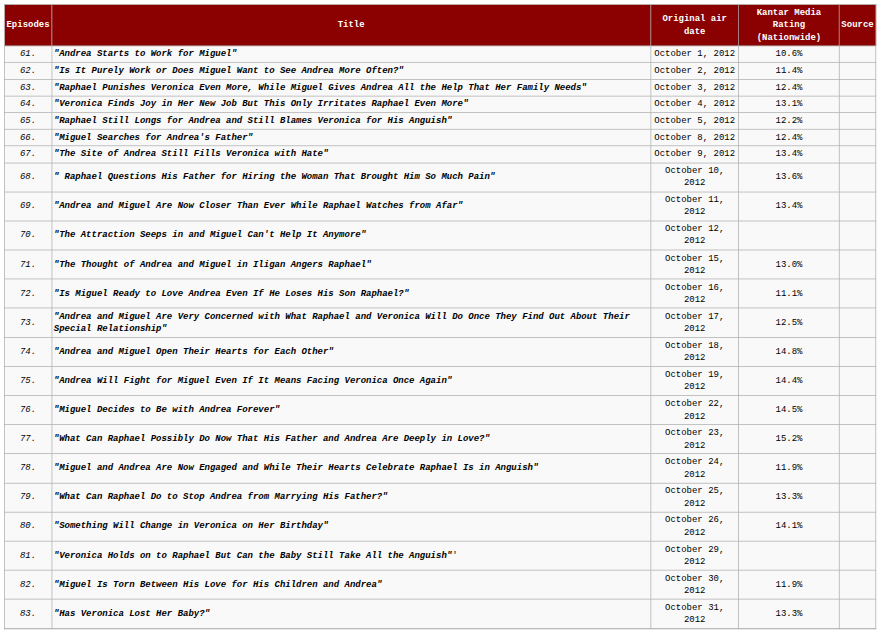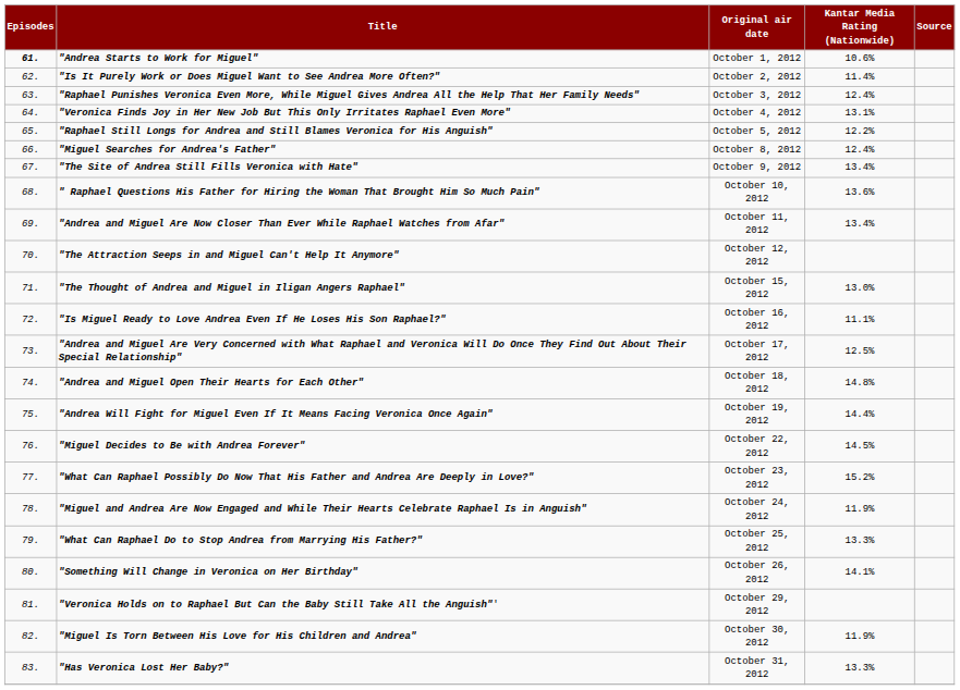 <table class="wikitable" style="text-align:center; font-size:100%; line-height:18px;" width="100%">
 <tr style="color:black;">
 <th style="background:#8b0000; color:#ffffff">Episodes</th>
 <th style="background:#8b0000; color:#ffffff">Title</th>
 <th style="background:#8b0000; color:#ffffff">Original air date</th>
 <th style="background:#8b0000; color:#ffffff">Kantar Media Rating <br> (Nationwide)</th>
 <th style="background:#8b0000; color:#ffffff">Source</th>
 </tr>
 <tr style="text-align: center">
-<td><em>61.</em></td>
+<td><strong><em>61.</em></strong></td>
 <td align="left"><strong><em>"Andrea Starts to Work for Miguel"</em></strong></td>
 <td>October 1, 2012</td>
 <td>10.6%</td>
 <td></td>
 </tr>
 <tr>
 <td><em>62.</em></td>
 <td align="left"><strong><em>"Is It Purely Work or Does Miguel Want to See Andrea More Often?"</em></strong></td>
 <td>October 2, 2012</td>
 <td>11.4%</td>
 <td></td>
 </tr>
 <tr>
 <td><em>63.</em></td>
 <td align="left"><strong><em>"Raphael Punishes Veronica Even More, While Miguel Gives Andrea All the Help That Her Family Needs"</em></strong></td>
 <td>October 3, 2012</td>
 <td>12.4%</td>
 <td></td>
 </tr>
 <tr>
 <td><em>64.</em></td>
 <td align="left"><strong><em>"Veronica Finds Joy in Her New Job But This Only Irritates Raphael Even More"</em></strong></td>
 <td>October 4, 2012</td>
 <td>13.1%</td>
 <td></td>
 </tr>
 <tr>
 <td><em>65.</em></td>
 <td align="left"><strong><em>"Raphael Still Longs for Andrea and Still Blames Veronica for His Anguish"</em></strong></td>
 <td>October 5, 2012</td>
 <td>12.2%</td>
 <td></td>
 </tr>
 <tr>
 <td><em>66.</em></td>
 <td align="left"><strong><em>"Miguel Searches for Andrea's Father"</em></strong></td>
 <td>October 8, 2012</td>
 <td>12.4%</td>
 <td></td>
 </tr>
 <tr>
 <td><em>67.</em></td>
 <td align="left"><strong><em>"The Site of Andrea Still Fills Veronica with Hate"</em></strong></td>
 <td>October 9, 2012</td>
 <td>13.4%</td>
 <td></td>
 </tr>
 <tr>
 <td><em>68.</em></td>
 <td align="left"><strong><em>" Raphael Questions His Father for Hiring the Woman That Brought Him So Much Pain"</em></strong></td>
 <td>October 10, 2012</td>
 <td>13.6%</td>
 <td></td>
 </tr>
 <tr>
 <td><em>69.</em></td>
 <td align="left"><strong><em>"Andrea and Miguel Are Now Closer Than Ever While Raphael Watches from Afar"</em></strong></td>
 <td>October 11, 2012</td>
 <td>13.4%</td>
 <td></td>
 </tr>
 <tr>
 <td><em>70.</em></td>
 <td align="left"><strong><em>"The Attraction Seeps in and Miguel Can't Help It Anymore"</em></strong></td>
 <td>October 12, 2012</td>
 <td></td>
 <td></td>
 </tr>
 <tr>
 <td><em>71.</em></td>
 <td align="left"><strong><em>"The Thought of Andrea and Miguel in Iligan Angers Raphael"</em></strong></td>
 <td>October 15, 2012</td>
 <td>13.0%</td>
 <td></td>
 </tr>
 <tr>
 <td><em>72.</em></td>
 <td align="left"><strong><em>"Is Miguel Ready to Love Andrea Even If He Loses His Son Raphael?"</em></strong></td>
 <td>October 16, 2012</td>
 <td>11.1%</td>
 <td></td>
 </tr>
 <tr>
 <td><em>73.</em></td>
 <td align="left"><strong><em>"Andrea and Miguel Are Very Concerned with What Raphael and Veronica Will Do Once They Find Out About Their Special Relationship"</em></strong></td>
 <td>October 17, 2012</td>
 <td>12.5%</td>
 <td></td>
 </tr>
 <tr>
 <td><em>74.</em></td>
 <td align="left"><strong><em>"Andrea and Miguel Open Their Hearts for Each Other"</em></strong></td>
 <td>October 18, 2012</td>
 <td>14.8%</td>
 <td></td>
 </tr>
 <tr>
 <td><em>75.</em></td>
 <td align="left"><strong><em>"Andrea Will Fight for Miguel Even If It Means Facing Veronica Once Again"</em></strong></td>
 <td>October 19, 2012</td>
 <td>14.4%</td>
 <td></td>
 </tr>
 <tr>
 <td><em>76.</em></td>
 <td align="left"><strong><em>"Miguel Decides to Be with Andrea Forever"</em></strong></td>
 <td>October 22, 2012</td>
 <td>14.5%</td>
 <td></td>
 </tr>
 <tr>
 <td><em>77.</em></td>
 <td align="left"><strong><em>"What Can Raphael Possibly Do Now That His Father and Andrea Are Deeply in Love?"</em></strong></td>
 <td>October 23, 2012</td>
 <td>15.2%</td>
 <td></td>
 </tr>
 <tr>
 <td><em>78.</em></td>
 <td align="left"><strong><em>"Miguel and Andrea Are Now Engaged and While Their Hearts Celebrate Raphael Is in Anguish"</em></strong></td>
 <td>October 24, 2012</td>
 <td>11.9%</td>
 <td></td>
 </tr>
 <tr>
 <td><em>79.</em></td>
 <td align="left"><strong><em>"What Can Raphael Do to Stop Andrea from Marrying His Father?"</em></strong></td>
 <td>October 25, 2012</td>
 <td>13.3%</td>
 <td></td>
 </tr>
 <tr>
 <td><em>80.</em></td>
 <td align="left"><strong><em>"Something Will Change in Veronica on Her Birthday"</em></strong></td>
 <td>October 26, 2012</td>
 <td>14.1%</td>
 <td></td>
 </tr>
 <tr>
 <td><em>81.</em></td>
 <td align="left"><strong><em>"Veronica Holds on to Raphael But Can the Baby Still Take All the Anguish"</em></strong>'</td>
 <td>October 29, 2012</td>
 <td></td>
 <td></td>
 </tr>
 <tr>
 <td><em>82.</em></td>
 <td align="left"><strong><em>"Miguel Is Torn Between His Love for His Children and Andrea"</em></strong></td>
 <td>October 30, 2012</td>
 <td>11.9%</td>
 <td></td>
 </tr>
 <tr>
 <td><em>83.</em></td>
 <td align="left"><strong><em>"Has Veronica Lost Her Baby?"</em></strong></td>
 <td>October 31, 2012</td>
 <td>13.3%</td>
 <td></td>
 </tr>
 <tr>
 </tr>
 </table>
